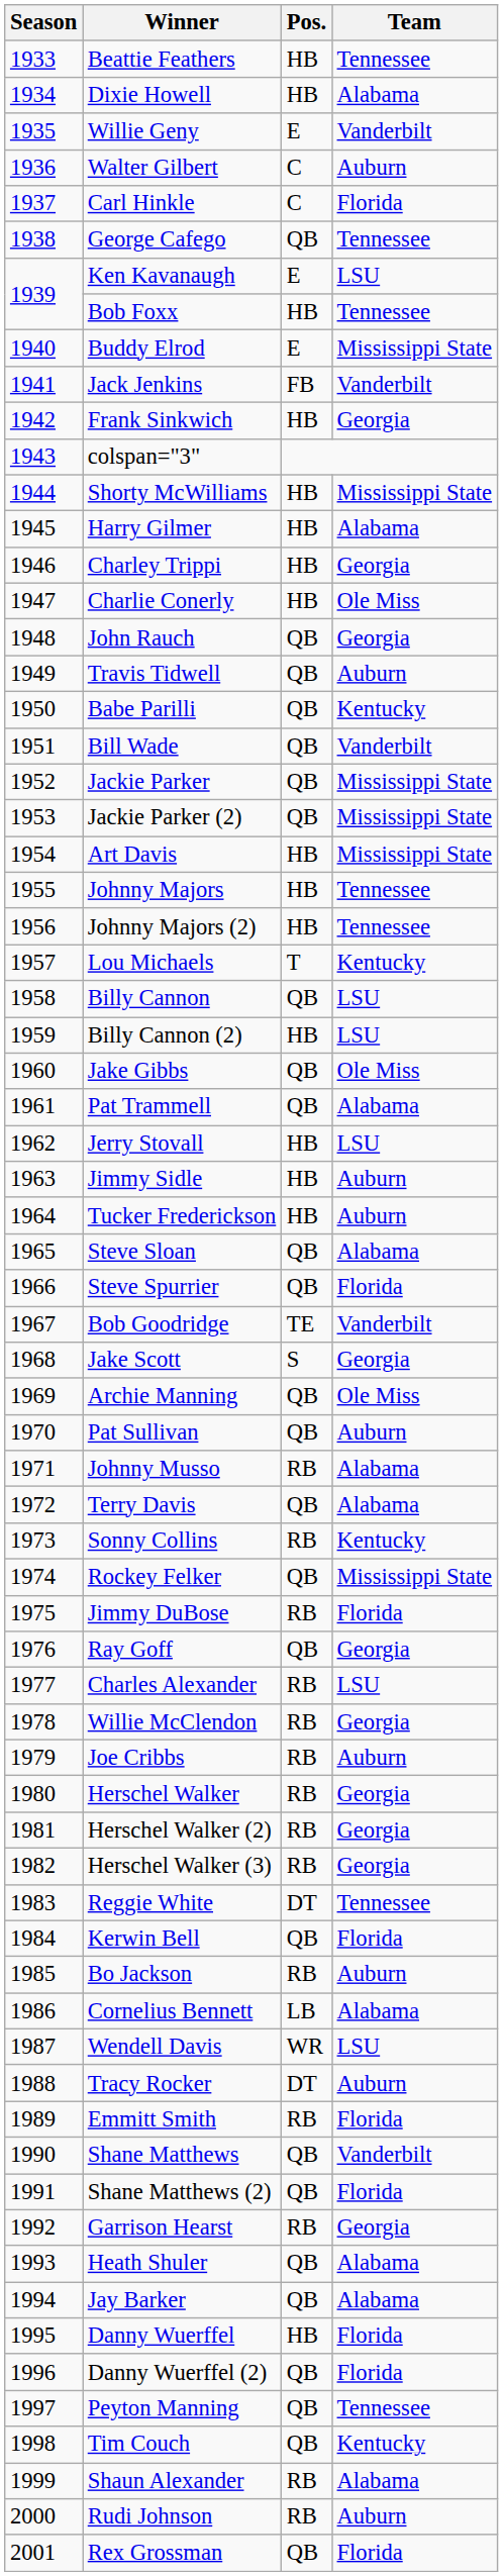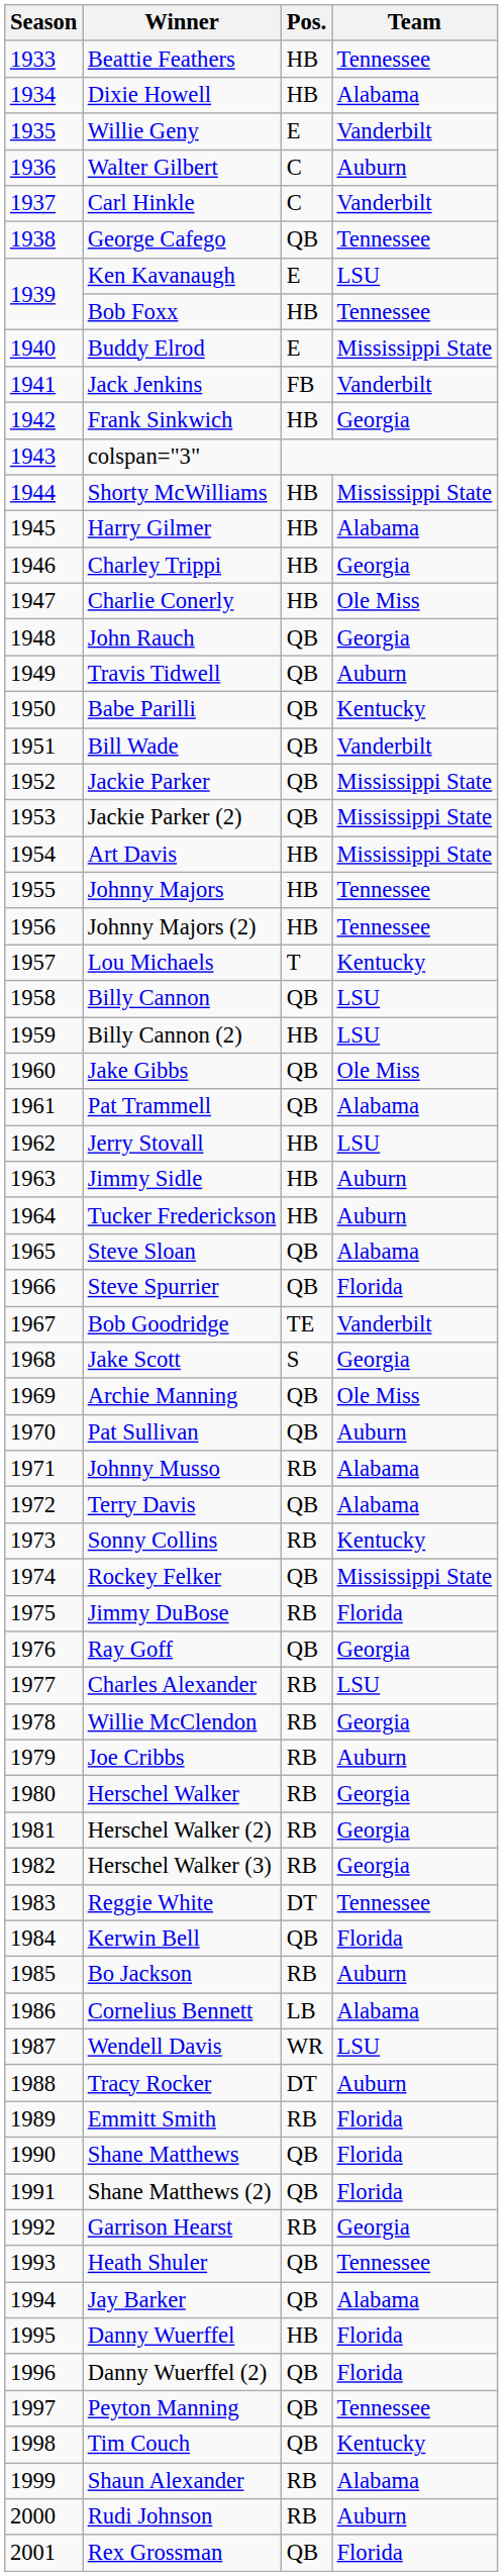 <table class="wikitable sortable">
 <tr>
 <th>Season</th>
 <th>Winner</th>
 <th>Pos.</th>
 <th>Team</th>
 </tr>
 <tr>
 <td><a href='#'>1933</a></td>
 <td><a href='#'>Beattie Feathers</a></td>
 <td>HB</td>
 <td><a href='#'>Tennessee</a></td>
 </tr>
 <tr>
 <td><a href='#'>1934</a></td>
 <td><a href='#'>Dixie Howell</a></td>
 <td>HB</td>
 <td><a href='#'>Alabama</a></td>
 </tr>
 <tr>
 <td><a href='#'>1935</a></td>
 <td><a href='#'>Willie Geny</a></td>
 <td>E</td>
 <td><a href='#'>Vanderbilt</a></td>
 </tr>
 <tr>
 <td><a href='#'>1936</a></td>
 <td><a href='#'>Walter Gilbert</a></td>
 <td>C</td>
 <td><a href='#'>Auburn</a></td>
 </tr>
 <tr>
 <td><a href='#'>1937</a></td>
 <td><a href='#'>Carl Hinkle</a></td>
 <td>C</td>
-<td><a href='#'>Florida</a></td>
+<td><a href='#'>Vanderbilt</a></td>
 </tr>
 <tr>
 <td><a href='#'>1938</a></td>
 <td><a href='#'>George Cafego</a></td>
 <td>QB</td>
 <td><a href='#'>Tennessee</a></td>
 </tr>
 <tr>
 <td rowspan="2"><a href='#'>1939</a></td>
 <td><a href='#'>Ken Kavanaugh</a></td>
 <td>E</td>
 <td><a href='#'>LSU</a></td>
 </tr>
 <tr>
 <td><a href='#'>Bob Foxx</a></td>
 <td>HB</td>
 <td><a href='#'>Tennessee</a></td>
 </tr>
 <tr>
 <td><a href='#'>1940</a></td>
 <td><a href='#'>Buddy Elrod</a></td>
 <td>E</td>
 <td><a href='#'>Mississippi State</a></td>
 </tr>
 <tr>
 <td><a href='#'>1941</a></td>
 <td><a href='#'>Jack Jenkins</a></td>
 <td>FB</td>
 <td><a href='#'>Vanderbilt</a></td>
 </tr>
 <tr>
 <td><a href='#'>1942</a></td>
 <td><a href='#'>Frank Sinkwich</a></td>
 <td>HB</td>
 <td><a href='#'>Georgia</a></td>
 </tr>
 <tr>
 <td><a href='#'>1943</a></td>
 <td>colspan="3" </td>
 </tr>
 <tr>
 <td><a href='#'>1944</a></td>
 <td><a href='#'>Shorty McWilliams</a></td>
 <td>HB</td>
 <td><a href='#'>Mississippi State</a></td>
 </tr>
 <tr>
 <td>1945</td>
 <td><a href='#'>Harry Gilmer</a></td>
 <td>HB</td>
 <td><a href='#'>Alabama</a></td>
 </tr>
 <tr>
 <td>1946</td>
 <td><a href='#'>Charley Trippi</a></td>
 <td>HB</td>
 <td><a href='#'>Georgia</a></td>
 </tr>
 <tr>
 <td>1947</td>
 <td><a href='#'>Charlie Conerly</a></td>
 <td>HB</td>
 <td><a href='#'>Ole Miss</a></td>
 </tr>
 <tr>
 <td>1948</td>
 <td><a href='#'>John Rauch</a></td>
 <td>QB</td>
 <td><a href='#'>Georgia</a></td>
 </tr>
 <tr>
 <td>1949</td>
 <td><a href='#'>Travis Tidwell</a></td>
 <td>QB</td>
 <td><a href='#'>Auburn</a></td>
 </tr>
 <tr>
 <td>1950</td>
 <td><a href='#'>Babe Parilli</a></td>
 <td>QB</td>
 <td><a href='#'>Kentucky</a></td>
 </tr>
 <tr>
 <td>1951</td>
 <td><a href='#'>Bill Wade</a></td>
 <td>QB</td>
 <td><a href='#'>Vanderbilt</a></td>
 </tr>
 <tr>
 <td>1952</td>
 <td><a href='#'>Jackie Parker</a></td>
 <td>QB</td>
 <td><a href='#'>Mississippi State</a></td>
 </tr>
 <tr>
 <td>1953</td>
 <td>Jackie Parker (2)</td>
 <td>QB</td>
 <td><a href='#'>Mississippi State</a></td>
 </tr>
 <tr>
 <td>1954</td>
 <td><a href='#'>Art Davis</a></td>
 <td>HB</td>
 <td><a href='#'>Mississippi State</a></td>
 </tr>
 <tr>
 <td>1955</td>
 <td><a href='#'>Johnny Majors</a></td>
 <td>HB</td>
 <td><a href='#'>Tennessee</a></td>
 </tr>
 <tr>
 <td>1956</td>
 <td>Johnny Majors (2)</td>
 <td>HB</td>
 <td><a href='#'>Tennessee</a></td>
 </tr>
 <tr>
 <td>1957</td>
 <td><a href='#'>Lou Michaels</a></td>
 <td>T</td>
 <td><a href='#'>Kentucky</a></td>
 </tr>
 <tr>
 <td>1958</td>
 <td><a href='#'>Billy Cannon</a></td>
 <td>QB</td>
 <td><a href='#'>LSU</a></td>
 </tr>
 <tr>
 <td>1959</td>
 <td>Billy Cannon (2)</td>
 <td>HB</td>
 <td><a href='#'>LSU</a></td>
 </tr>
 <tr>
 <td>1960</td>
 <td><a href='#'>Jake Gibbs</a></td>
 <td>QB</td>
 <td><a href='#'>Ole Miss</a></td>
 </tr>
 <tr>
 <td>1961</td>
 <td><a href='#'>Pat Trammell</a></td>
 <td>QB</td>
 <td><a href='#'>Alabama</a></td>
 </tr>
 <tr>
 <td>1962</td>
 <td><a href='#'>Jerry Stovall</a></td>
 <td>HB</td>
 <td><a href='#'>LSU</a></td>
 </tr>
 <tr>
 <td>1963</td>
 <td><a href='#'>Jimmy Sidle</a></td>
 <td>HB</td>
 <td><a href='#'>Auburn</a></td>
 </tr>
 <tr>
 <td>1964</td>
 <td><a href='#'>Tucker Frederickson</a></td>
 <td>HB</td>
 <td><a href='#'>Auburn</a></td>
 </tr>
 <tr>
 <td>1965</td>
 <td><a href='#'>Steve Sloan</a></td>
 <td>QB</td>
 <td><a href='#'>Alabama</a></td>
 </tr>
 <tr>
 <td>1966</td>
 <td><a href='#'>Steve Spurrier</a></td>
 <td>QB</td>
 <td><a href='#'>Florida</a></td>
 </tr>
 <tr>
 <td>1967</td>
 <td><a href='#'>Bob Goodridge</a></td>
 <td>TE</td>
 <td><a href='#'>Vanderbilt</a></td>
 </tr>
 <tr>
 <td>1968</td>
 <td><a href='#'>Jake Scott</a></td>
 <td>S</td>
 <td><a href='#'>Georgia</a></td>
 </tr>
 <tr>
 <td>1969</td>
 <td><a href='#'>Archie Manning</a></td>
 <td>QB</td>
 <td><a href='#'>Ole Miss</a></td>
 </tr>
 <tr>
 <td>1970</td>
 <td><a href='#'>Pat Sullivan</a></td>
 <td>QB</td>
 <td><a href='#'>Auburn</a></td>
 </tr>
 <tr>
 <td>1971</td>
 <td><a href='#'>Johnny Musso</a></td>
 <td>RB</td>
 <td><a href='#'>Alabama</a></td>
 </tr>
 <tr>
 <td>1972</td>
 <td><a href='#'>Terry Davis</a></td>
 <td>QB</td>
 <td><a href='#'>Alabama</a></td>
 </tr>
 <tr>
 <td>1973</td>
 <td><a href='#'>Sonny Collins</a></td>
 <td>RB</td>
 <td><a href='#'>Kentucky</a></td>
 </tr>
 <tr>
 <td>1974</td>
 <td><a href='#'>Rockey Felker</a></td>
 <td>QB</td>
 <td><a href='#'>Mississippi State</a></td>
 </tr>
 <tr>
 <td>1975</td>
 <td><a href='#'>Jimmy DuBose</a></td>
 <td>RB</td>
 <td><a href='#'>Florida</a></td>
 </tr>
 <tr>
 <td>1976</td>
 <td><a href='#'>Ray Goff</a></td>
 <td>QB</td>
 <td><a href='#'>Georgia</a></td>
 </tr>
 <tr>
 <td>1977</td>
 <td><a href='#'>Charles Alexander</a></td>
 <td>RB</td>
 <td><a href='#'>LSU</a></td>
 </tr>
 <tr>
 <td>1978</td>
 <td><a href='#'>Willie McClendon</a></td>
 <td>RB</td>
 <td><a href='#'>Georgia</a></td>
 </tr>
 <tr>
 <td>1979</td>
 <td><a href='#'>Joe Cribbs</a></td>
 <td>RB</td>
 <td><a href='#'>Auburn</a></td>
 </tr>
 <tr>
 <td>1980</td>
 <td><a href='#'>Herschel Walker</a></td>
 <td>RB</td>
 <td><a href='#'>Georgia</a></td>
 </tr>
 <tr>
 <td>1981</td>
 <td>Herschel Walker (2)</td>
 <td>RB</td>
 <td><a href='#'>Georgia</a></td>
 </tr>
 <tr>
 <td>1982</td>
 <td>Herschel Walker (3)</td>
 <td>RB</td>
 <td><a href='#'>Georgia</a></td>
 </tr>
 <tr>
 <td>1983</td>
 <td><a href='#'>Reggie White</a></td>
 <td>DT</td>
 <td><a href='#'>Tennessee</a></td>
 </tr>
 <tr>
 <td>1984</td>
 <td><a href='#'>Kerwin Bell</a></td>
 <td>QB</td>
 <td><a href='#'>Florida</a></td>
 </tr>
 <tr>
 <td>1985</td>
 <td><a href='#'>Bo Jackson</a></td>
 <td>RB</td>
 <td><a href='#'>Auburn</a></td>
 </tr>
 <tr>
 <td>1986</td>
 <td><a href='#'>Cornelius Bennett</a></td>
 <td>LB</td>
 <td><a href='#'>Alabama</a></td>
 </tr>
 <tr>
 <td>1987</td>
 <td><a href='#'>Wendell Davis</a></td>
 <td>WR</td>
 <td><a href='#'>LSU</a></td>
 </tr>
 <tr>
 <td>1988</td>
 <td><a href='#'>Tracy Rocker</a></td>
 <td>DT</td>
 <td><a href='#'>Auburn</a></td>
 </tr>
 <tr>
 <td>1989</td>
 <td><a href='#'>Emmitt Smith</a></td>
 <td>RB</td>
 <td><a href='#'>Florida</a></td>
 </tr>
 <tr>
 <td>1990</td>
 <td><a href='#'>Shane Matthews</a></td>
 <td>QB</td>
-<td><a href='#'>Vanderbilt</a></td>
+<td><a href='#'>Florida</a></td>
 </tr>
 <tr>
 <td>1991</td>
 <td>Shane Matthews (2)</td>
 <td>QB</td>
 <td><a href='#'>Florida</a></td>
 </tr>
 <tr>
 <td>1992</td>
 <td><a href='#'>Garrison Hearst</a></td>
 <td>RB</td>
 <td><a href='#'>Georgia</a></td>
 </tr>
 <tr>
 <td>1993</td>
 <td><a href='#'>Heath Shuler</a></td>
 <td>QB</td>
-<td><a href='#'>Alabama</a></td>
+<td><a href='#'>Tennessee</a></td>
 </tr>
 <tr>
 <td>1994</td>
 <td><a href='#'>Jay Barker</a></td>
 <td>QB</td>
 <td><a href='#'>Alabama</a></td>
 </tr>
 <tr>
 <td>1995</td>
 <td><a href='#'>Danny Wuerffel</a></td>
 <td>HB</td>
 <td><a href='#'>Florida</a></td>
 </tr>
 <tr>
 <td>1996</td>
 <td>Danny Wuerffel (2)</td>
 <td>QB</td>
 <td><a href='#'>Florida</a></td>
 </tr>
 <tr>
 <td>1997</td>
 <td><a href='#'>Peyton Manning</a></td>
 <td>QB</td>
 <td><a href='#'>Tennessee</a></td>
 </tr>
 <tr>
 <td>1998</td>
 <td><a href='#'>Tim Couch</a></td>
 <td>QB</td>
 <td><a href='#'>Kentucky</a></td>
 </tr>
 <tr>
 <td>1999</td>
 <td><a href='#'>Shaun Alexander</a></td>
 <td>RB</td>
 <td><a href='#'>Alabama</a></td>
 </tr>
 <tr>
 <td>2000</td>
 <td><a href='#'>Rudi Johnson</a></td>
 <td>RB</td>
 <td><a href='#'>Auburn</a></td>
 </tr>
 <tr>
 <td>2001</td>
 <td><a href='#'>Rex Grossman</a></td>
 <td>QB</td>
 <td><a href='#'>Florida</a></td>
 </tr>
 </table>
